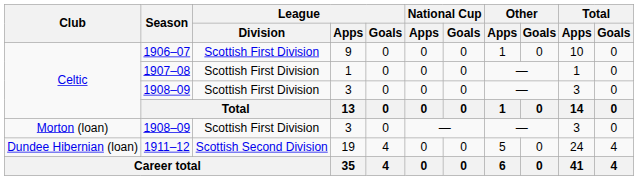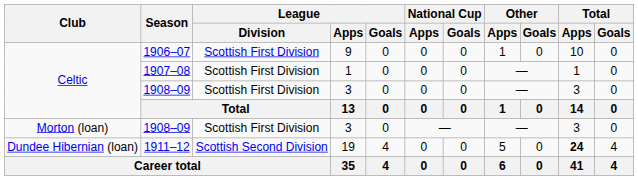 <table class="wikitable" style="text-align: center;">
 <tr>
 <th rowspan="2">Club</th>
 <th rowspan="2">Season</th>
 <th colspan="3">League</th>
 <th colspan="2">National Cup</th>
 <th colspan="2">Other</th>
 <th colspan="2">Total</th>
 </tr>
 <tr>
 <th>Division</th>
 <th>Apps</th>
 <th>Goals</th>
 <th>Apps</th>
 <th>Goals</th>
 <th>Apps</th>
 <th>Goals</th>
 <th>Apps</th>
 <th>Goals</th>
 </tr>
 <tr>
 <td rowspan="4"><a href='#'>Celtic</a></td>
 <td><a href='#'>1906–07</a></td>
 <td><a href='#'>Scottish First Division</a></td>
 <td>9</td>
 <td>0</td>
 <td>0</td>
 <td>0</td>
 <td>1</td>
 <td>0</td>
 <td>10</td>
 <td>0</td>
 </tr>
 <tr>
 <td><a href='#'>1907–08</a></td>
 <td>Scottish First Division</td>
 <td>1</td>
 <td>0</td>
 <td>0</td>
 <td>0</td>
 <td colspan="2">—</td>
 <td>1</td>
 <td>0</td>
 </tr>
 <tr>
 <td><a href='#'>1908–09</a></td>
 <td>Scottish First Division</td>
 <td>3</td>
 <td>0</td>
 <td>0</td>
 <td>0</td>
 <td colspan="2">—</td>
 <td>3</td>
 <td>0</td>
 </tr>
 <tr>
 <th colspan="2">Total</th>
 <th>13</th>
 <th>0</th>
 <th>0</th>
 <th>0</th>
 <th>1</th>
 <th>0</th>
 <th>14</th>
 <th>0</th>
 </tr>
 <tr>
 <td><a href='#'>Morton</a> (loan)</td>
 <td><a href='#'>1908–09</a></td>
 <td>Scottish First Division</td>
 <td>3</td>
 <td>0</td>
 <td colspan="2">—</td>
 <td colspan="2">—</td>
 <td>3</td>
 <td>0</td>
 </tr>
 <tr>
 <td><a href='#'>Dundee Hibernian</a> (loan)</td>
 <td><a href='#'>1911–12</a></td>
 <td><a href='#'>Scottish Second Division</a></td>
 <td>19</td>
 <td>4</td>
 <td>0</td>
 <td>0</td>
 <td>5</td>
 <td>0</td>
-<td>24</td>
+<td><strong>24</strong></td>
 <td>4</td>
 </tr>
 <tr>
 <th colspan="3">Career total</th>
 <th>35</th>
 <th>4</th>
 <th>0</th>
 <th>0</th>
 <th>6</th>
 <th>0</th>
 <th>41</th>
 <th>4</th>
 </tr>
 </table>
